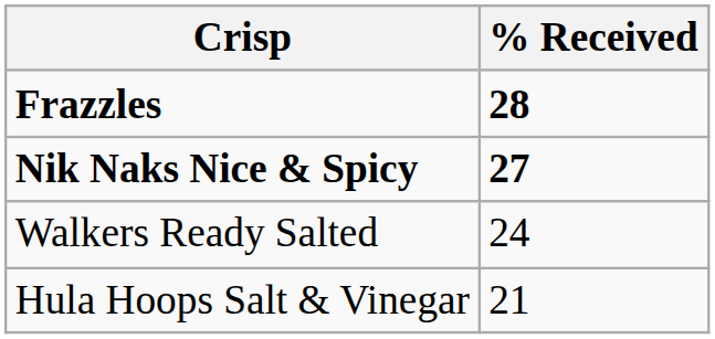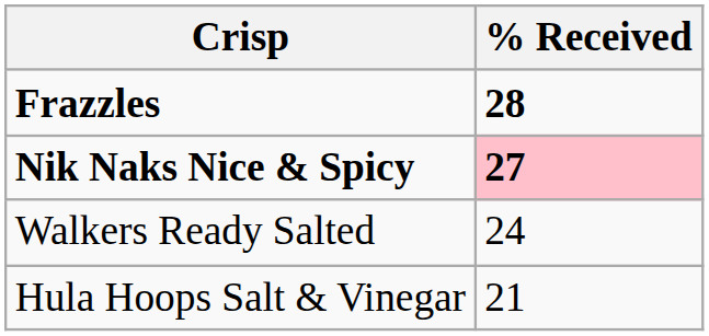 <table class="wikitable">
 <tr>
 <th>Crisp</th>
 <th>% Received</th>
 </tr>
 <tr>
 <td><strong>Frazzles</strong></td>
 <td><strong>28</strong></td>
 </tr>
 <tr>
 <td><strong>Nik Naks Nice & Spicy</strong></td>
-<td><strong>27</strong></td>
+<td style="background: pink;"><strong>27</strong></td>
 </tr>
 <tr>
 <td>Walkers Ready Salted</td>
 <td>24</td>
 </tr>
 <tr>
 <td>Hula Hoops Salt & Vinegar</td>
 <td>21</td>
 </tr>
 </table>
